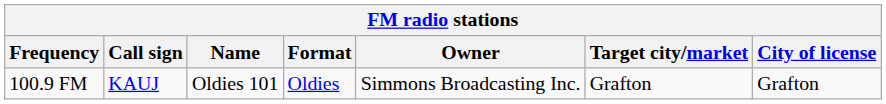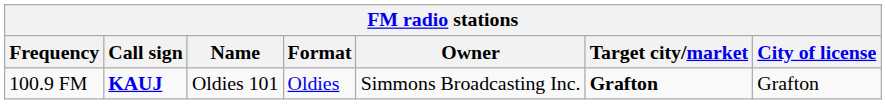 <table class="wikitable">
 <tr>
 <th style="text-align:center;" colspan="7"><strong><a href='#'>FM radio</a> stations</strong></th>
 </tr>
 <tr>
 <th>Frequency</th>
 <th>Call sign</th>
 <th>Name</th>
 <th>Format</th>
 <th>Owner</th>
 <th>Target city/<a href='#'>market</a></th>
 <th><a href='#'>City of license</a></th>
 </tr>
 <tr>
 <td>100.9 FM</td>
-<td><a href='#'>KAUJ</a></td>
+<td><strong><a href='#'>KAUJ</a></strong></td>
 <td>Oldies 101</td>
 <td><a href='#'>Oldies</a></td>
 <td>Simmons Broadcasting Inc.</td>
-<td>Grafton</td>
+<td><strong>Grafton</strong></td>
 <td>Grafton</td>
 </tr>
 </table>
